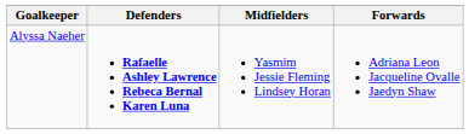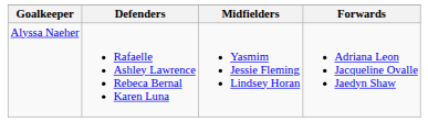 <table class="wikitable" style="margin: 0 auto">
 <tr>
 </tr>
 <tr>
 <th>Goalkeeper</th>
 <th>Defenders</th>
 <th>Midfielders</th>
 <th>Forwards</th>
 </tr>
 <tr>
 <td style="vertical-align:top"> <a href='#'>Alyssa Naeher</a></td>
-<td style="vertical-align:top"><strong><br><ul><li> <a href='#'>Rafaelle</a></li><li> <a href='#'>Ashley Lawrence</a></li><li> <a href='#'>Rebeca Bernal</a></li><li> <a href='#'>Karen Luna</a></li></ul></strong></td>
+<td style="vertical-align:top"><br><ul><li> <a href='#'>Rafaelle</a></li><li> <a href='#'>Ashley Lawrence</a></li><li> <a href='#'>Rebeca Bernal</a></li><li> <a href='#'>Karen Luna</a></li></ul></td>
 <td style="vertical-align:top"><br><ul><li> <a href='#'>Yasmim</a></li><li> <a href='#'>Jessie Fleming</a></li><li> <a href='#'>Lindsey Horan</a></li></ul></td>
 <td style="vertical-align:top"><br><ul><li> <a href='#'>Adriana Leon</a></li><li> <a href='#'>Jacqueline Ovalle</a></li><li> <a href='#'>Jaedyn Shaw</a></li></ul></td>
 </tr>
 </table>
